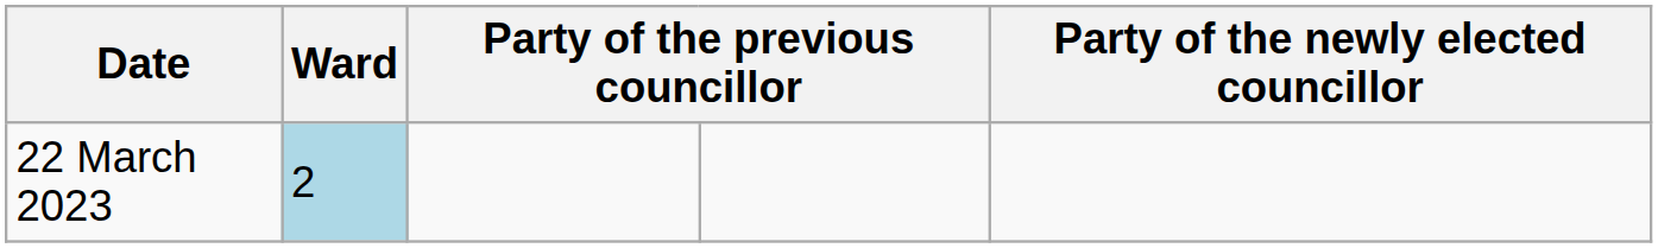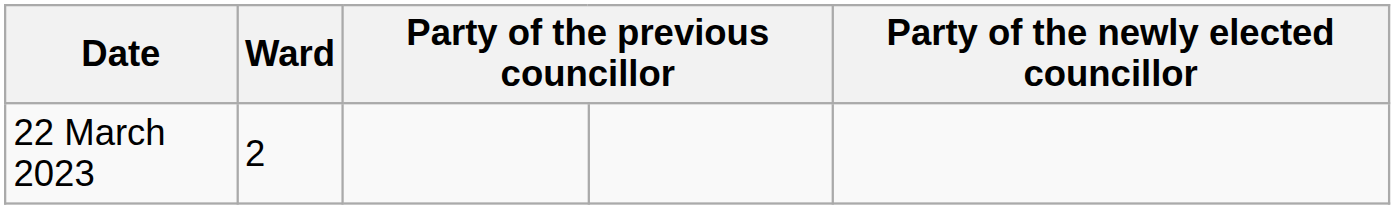 <table class="wikitable">
 <tr>
 <th>Date</th>
 <th>Ward</th>
 <th colspan=2>Party of the previous councillor</th>
 <th colspan=2>Party of the newly elected councillor</th>
 </tr>
 <tr>
 <td>22 March 2023</td>
-<td style="background: lightblue;">2</td>
+<td>2</td>
 <td></td>
 <td></td>
 </tr>
 </table>
